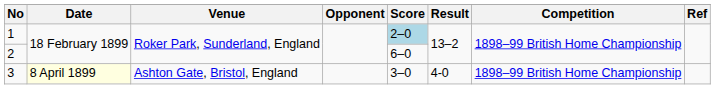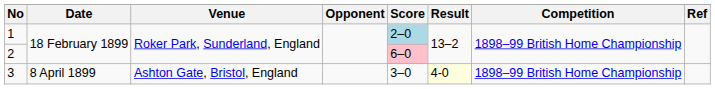 <table class=wikitable>
 <tr>
 </tr>
 <tr>
 <th>No</th>
 <th>Date</th>
 <th>Venue</th>
 <th>Opponent</th>
 <th>Score</th>
 <th>Result</th>
 <th>Competition</th>
 <th>Ref</th>
 </tr>
 <tr>
 <td>1</td>
 <td rowspan=2>18 February 1899</td>
 <td rowspan=2><a href='#'>Roker Park</a>, <a href='#'>Sunderland</a>, England</td>
 <td rowspan=2></td>
 <td style="background: lightblue;">2–0</td>
 <td rowspan=2>13–2</td>
 <td rowspan=2><a href='#'>1898–99 British Home Championship</a></td>
 <td rowspan=2></td>
 </tr>
 <tr>
 <td>2</td>
-<td>6–0</td>
+<td style="background: pink;">6–0</td>
 </tr>
 <tr>
 <td>3</td>
-<td style="background: lightyellow;">8 April 1899</td>
+<td>8 April 1899</td>
 <td><a href='#'>Ashton Gate</a>, <a href='#'>Bristol</a>, England</td>
 <td></td>
 <td>3–0</td>
-<td>4-0</td>
+<td style="background: lightyellow;">4-0</td>
 <td><a href='#'>1898–99 British Home Championship</a></td>
 <td><br></td>
 </tr>
 </table>
